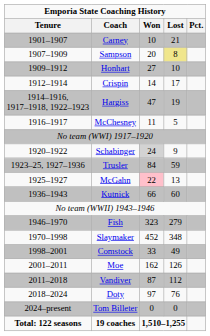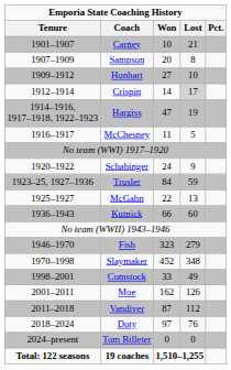 <table class="wikitable" style="float:right; font-size:85%; clear:right; margin:0 0 1em 1em;">
 <tr>
 <td colspan="5" style="text-align:center; font-size:100%; "><strong>Emporia State Coaching History</strong></td>
 </tr>
 <tr>
 <th>Tenure</th>
 <th>Coach</th>
 <th>Won</th>
 <th>Lost</th>
 <th>Pct.</th>
 </tr>
 <tr style="text-align:center; background:silver;">
 <td>1901–1907</td>
 <td><a href='#'>Carney</a></td>
 <td>10</td>
 <td>21</td>
 <td></td>
 </tr>
 <tr style="text-align:center;">
 <td>1907–1909</td>
 <td><a href='#'>Sampson</a></td>
 <td>20</td>
-<td style="background: khaki;">8</td>
+<td>8</td>
 <td></td>
 </tr>
 <tr style="text-align:center; background:silver;">
 <td>1909–1912</td>
 <td><a href='#'>Honhart</a></td>
 <td>27</td>
 <td>10</td>
 <td></td>
 </tr>
 <tr style="text-align:center;">
 <td>1912–1914</td>
 <td><a href='#'>Crispin</a></td>
 <td>14</td>
-<td>17</td>
+<td style="background: lightgrey;">17</td>
 <td></td>
 </tr>
 <tr style="text-align:center; background:silver;">
 <td>1914–1916,<br>1917–1918, 1922–1923</td>
 <td><a href='#'>Hargiss</a></td>
 <td>47</td>
 <td>19</td>
 <td></td>
 </tr>
 <tr style="text-align:center;">
 <td>1916–1917</td>
 <td><a href='#'>McChesney</a></td>
 <td>11</td>
 <td>5</td>
 <td></td>
 </tr>
 <tr style="text-align:center; background:silver;">
 <td colspan="5"><em>No team (WWI) 1917–1920</em></td>
 </tr>
 <tr style="text-align:center;">
 <td>1920–1922</td>
 <td><a href='#'>Schabinger</a></td>
-<td style="background: lightgrey;">24</td>
+<td>24</td>
 <td>9</td>
 <td></td>
 </tr>
 <tr style="text-align:center; background:silver;">
 <td>1923–25, 1927–1936</td>
 <td><a href='#'>Trusler</a></td>
 <td>84</td>
 <td>59</td>
 <td></td>
 </tr>
 <tr style="text-align:center;">
 <td>1925–1927</td>
 <td><a href='#'>McGahn</a></td>
-<td style="background: pink;">22</td>
+<td>22</td>
 <td>13</td>
 <td></td>
 </tr>
 <tr style="text-align:center; background:silver;">
 <td>1936–1943</td>
 <td><a href='#'>Kutnick</a></td>
 <td>66</td>
 <td>60</td>
 <td></td>
 </tr>
 <tr style="text-align:center;">
 <td colspan="5"><em>No team (WWII) 1943–1946</em></td>
 </tr>
 <tr style="text-align:center; background:silver;">
 <td>1946–1970</td>
 <td><a href='#'>Fish</a></td>
 <td>323</td>
 <td>279</td>
 <td></td>
 </tr>
 <tr style="text-align:center;">
 <td>1970–1998</td>
 <td><a href='#'>Slaymaker</a></td>
 <td>452</td>
 <td>348</td>
 <td></td>
 </tr>
 <tr style="text-align:center; background:silver;">
 <td>1998–2001</td>
 <td><a href='#'>Comstock</a></td>
 <td>33</td>
 <td>49</td>
 <td></td>
 </tr>
 <tr style="text-align:center;">
 <td>2001–2011</td>
 <td><a href='#'>Moe</a></td>
 <td>162</td>
 <td>126</td>
 <td></td>
 </tr>
 <tr style="text-align:center; background:silver;">
 <td>2011–2018</td>
 <td><a href='#'>Vandiver</a></td>
 <td>87</td>
 <td>112</td>
 <td></td>
 </tr>
 <tr style="text-align:center;">
 <td>2018–2024</td>
 <td><a href='#'>Doty</a></td>
 <td>97</td>
 <td>76</td>
 <td></td>
 </tr>
 <tr style="text-align:center; background:silver;">
 <td>2024–present</td>
 <td><a href='#'>Tom Billeter</a></td>
 <td>0</td>
 <td>0</td>
 <td></td>
 </tr>
 <tr style="text-align:center;">
 <td><strong>Total: 122 seasons</strong></td>
 <td><strong>19 coaches</strong></td>
 <td colspan="2"><strong>1,510–1,255</strong></td>
 <td><strong></strong></td>
 </tr>
 </table>
